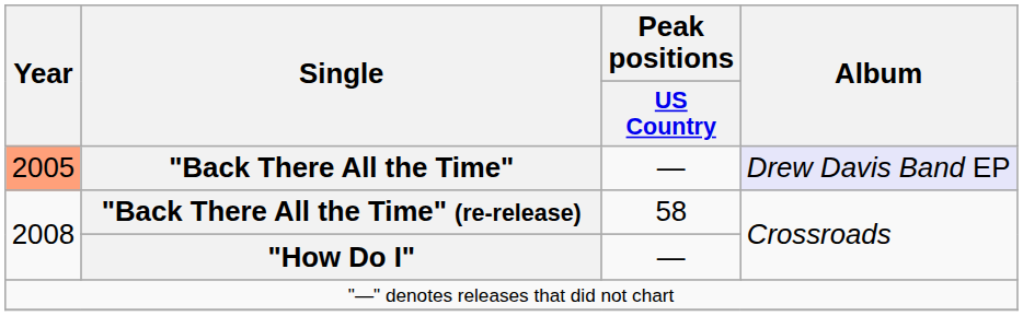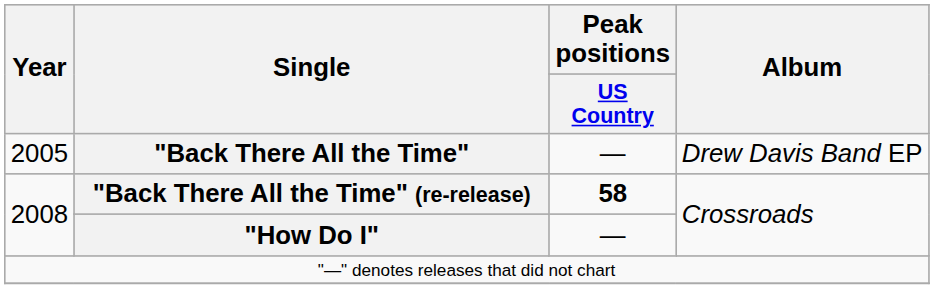 <table class="wikitable plainrowheaders" style="text-align:center;">
 <tr>
 <th rowspan="2">Year</th>
 <th rowspan="2" style="width:18em;">Single</th>
 <th colspan="1">Peak positions</th>
 <th rowspan="2">Album</th>
 </tr>
 <tr style="font-size:smaller;">
 <th width="60"><a href='#'>US Country</a></th>
 </tr>
 <tr>
-<td style="background: lightsalmon;">2005</td>
+<td>2005</td>
 <th scope="row">"Back There All the Time"</th>
 <td>—</td>
-<td align="left" style="background: lavender;"><em>Drew Davis Band</em> EP</td>
+<td align="left"><em>Drew Davis Band</em> EP</td>
 </tr>
 <tr>
 <td rowspan="2">2008</td>
 <th scope="row">"Back There All the Time" <small>(re-release)</small></th>
-<td>58</td>
+<td><strong>58</strong></td>
 <td align="left" rowspan="2"><em>Crossroads</em></td>
 </tr>
 <tr>
 <th scope="row">"How Do I"</th>
 <td>—</td>
 </tr>
 <tr>
 <td colspan="4" style="font-size:8pt">"—" denotes releases that did not chart</td>
 </tr>
 <tr>
 </tr>
 </table>
